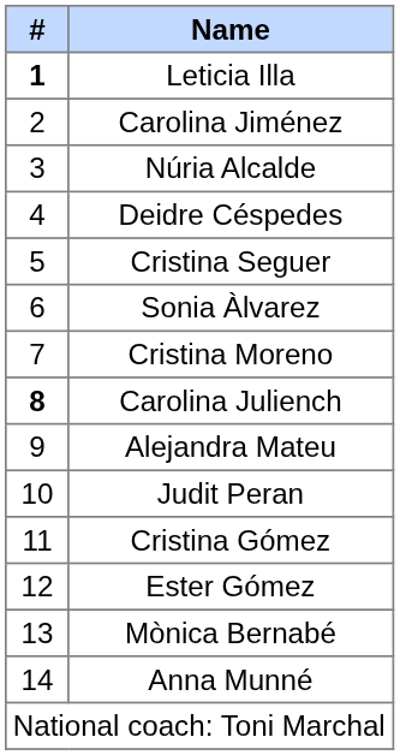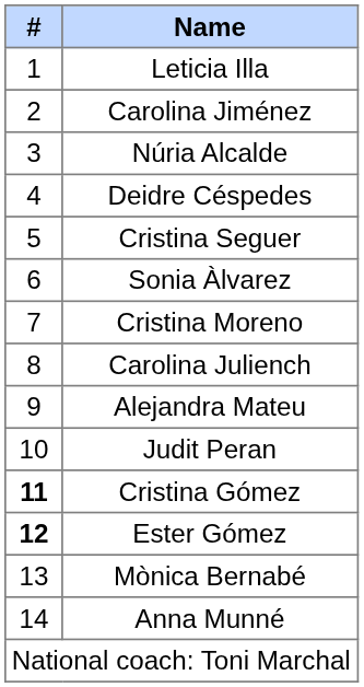 <table border=1 style="border-collapse:collapse; font-size:90%;" cellpadding=3 cellspacing=0>
 <tr bgcolor=#C1D8FF>
 <th>#</th>
 <th>Name</th>
 </tr>
 <tr align=center>
-<td><strong>1</strong></td>
+<td>1</td>
 <td>Leticia Illa</td>
 </tr>
 <tr align=center>
 <td>2</td>
 <td>Carolina Jiménez</td>
 </tr>
 <tr align=center>
 <td>3</td>
 <td>Núria Alcalde</td>
 </tr>
 <tr align=center>
 <td>4</td>
 <td>Deidre Céspedes</td>
 </tr>
 <tr align=center>
 <td>5</td>
 <td>Cristina Seguer</td>
 </tr>
 <tr align=center>
 <td>6</td>
 <td>Sonia Àlvarez</td>
 </tr>
 <tr align=center>
 <td>7</td>
 <td>Cristina Moreno</td>
 </tr>
 <tr align=center>
-<td><strong>8</strong></td>
+<td>8</td>
 <td>Carolina Juliench</td>
 </tr>
 <tr align=center>
 <td>9</td>
 <td>Alejandra Mateu</td>
 </tr>
 <tr align=center>
 <td>10</td>
 <td>Judit Peran</td>
 </tr>
 <tr align=center>
-<td>11</td>
+<td><strong>11</strong></td>
 <td>Cristina Gómez</td>
 </tr>
 <tr align=center>
-<td>12</td>
+<td><strong>12</strong></td>
 <td>Ester Gómez</td>
 </tr>
 <tr align=center>
 <td>13</td>
 <td>Mònica Bernabé</td>
 </tr>
 <tr align=center>
 <td>14</td>
 <td>Anna Munné</td>
 </tr>
 <tr>
 <td colspan=2>National coach: Toni Marchal</td>
 </tr>
 </table>
